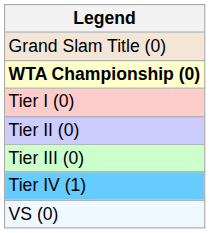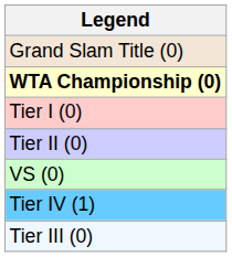 <table class="wikitable sortable mw-collapsible mw-collapsed">
 <tr>
 <th>Legend</th>
 </tr>
 <tr style="background:#f3e6d7;">
 <td>Grand Slam Title (0)</td>
 </tr>
 <tr style="background:#ffc;">
 <td><strong>WTA Championship (0)</strong></td>
 </tr>
 <tr style="background:#fcc;">
 <td>Tier I (0)</td>
 </tr>
 <tr style="background:#ccf;">
 <td>Tier II (0)</td>
 </tr>
 <tr style="background:#cfc;">
-<td>Tier III (0)</td>
+<td>VS (0)</td>
 </tr>
 <tr style="background:#6cf;">
 <td>Tier IV (1)</td>
 </tr>
 <tr style="background:#f0f8ff;">
-<td>VS (0)</td>
+<td>Tier III (0)</td>
 </tr>
 </table>
